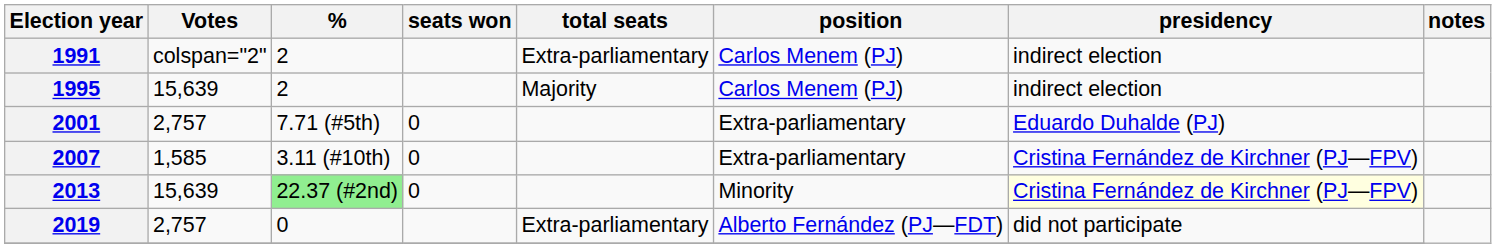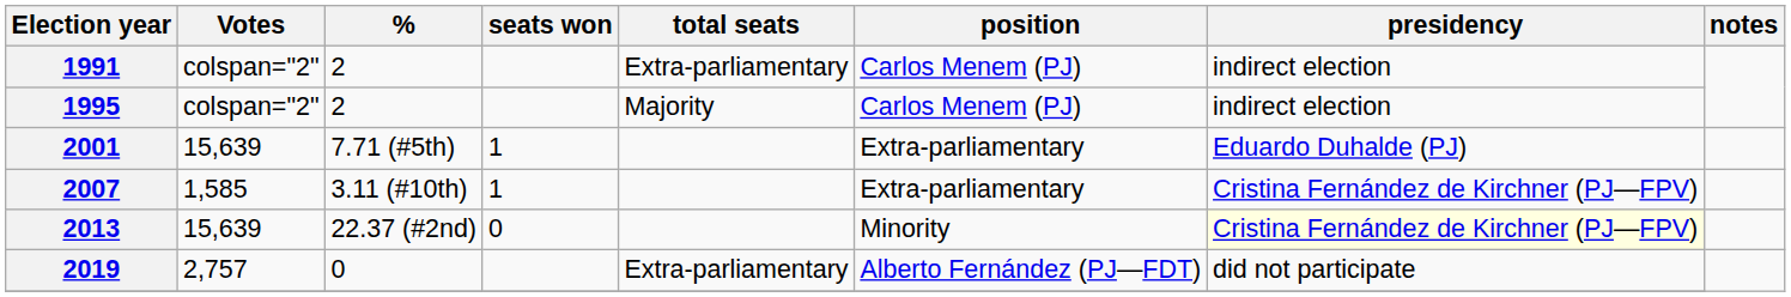 <table class="wikitable">
 <tr>
 <th>Election year</th>
 <th>Votes</th>
 <th>%</th>
 <th>seats won</th>
 <th>total seats</th>
 <th>position</th>
 <th>presidency</th>
 <th>notes</th>
 </tr>
 <tr>
 <th><a href='#'>1991</a></th>
 <td>colspan="2" </td>
 <td>2</td>
 <td></td>
 <td>Extra-parliamentary</td>
 <td><a href='#'>Carlos Menem</a> (<a href='#'>PJ</a>)</td>
 <td>indirect election</td>
 </tr>
 <tr>
 <th><a href='#'>1995</a></th>
-<td>15,639</td>
+<td>colspan="2" </td>
 <td>2</td>
 <td></td>
 <td>Majority</td>
 <td><a href='#'>Carlos Menem</a> (<a href='#'>PJ</a>)</td>
 <td>indirect election</td>
 </tr>
 <tr>
 <th><a href='#'>2001</a></th>
-<td>2,757</td>
+<td>15,639</td>
 <td>7.71 (#5th)</td>
-<td>0</td>
+<td>1</td>
 <td></td>
 <td>Extra-parliamentary</td>
 <td><a href='#'>Eduardo Duhalde</a> (<a href='#'>PJ</a>)</td>
 <td></td>
 </tr>
 <tr>
 <th><a href='#'>2007</a></th>
 <td>1,585</td>
 <td>3.11 (#10th)</td>
-<td>0</td>
+<td>1</td>
 <td></td>
 <td>Extra-parliamentary</td>
 <td><a href='#'>Cristina Fernández de Kirchner</a> (<a href='#'>PJ</a>—<a href='#'>FPV</a>)</td>
 <td></td>
 </tr>
 <tr>
 <th><a href='#'>2013</a></th>
 <td>15,639</td>
-<td style="background: lightgreen;">22.37 (#2nd)</td>
+<td>22.37 (#2nd)</td>
 <td>0</td>
 <td></td>
 <td>Minority</td>
 <td style="background: lightyellow;"><a href='#'>Cristina Fernández de Kirchner</a> (<a href='#'>PJ</a>—<a href='#'>FPV</a>)</td>
 <td></td>
 </tr>
 <tr>
 <th><a href='#'>2019</a></th>
 <td>2,757</td>
 <td>0</td>
 <td></td>
 <td>Extra-parliamentary</td>
 <td><a href='#'>Alberto Fernández</a> (<a href='#'>PJ</a>—<a href='#'>FDT</a>)</td>
 <td>did not participate</td>
 </tr>
 <tr>
 </tr>
 </table>
